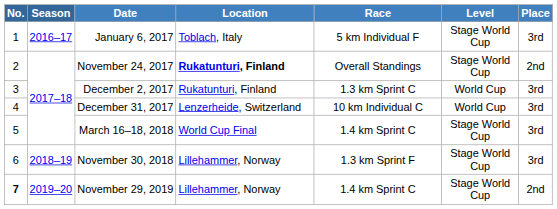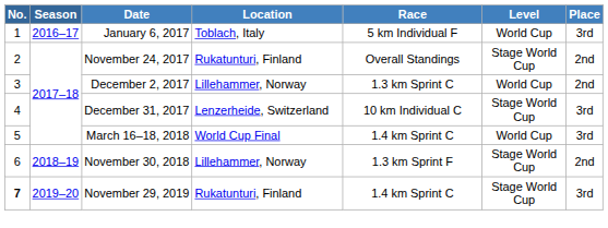 <table class="wikitable sortable" style="font-size:95%; text-align:center; border:gray solid 1px; background:#fff;">
 <tr style="background:#efefef;">
 <th style="background:#369; color:white;">No.</th>
 <th style="background:#369; color:white;">Season</th>
 <th style="background:#4180be; color:white; width:100px;">Date</th>
 <th style="background:#4180be; color:white; width:185px;">Location</th>
 <th style="background:#4180be; color:white; width:170px;">Race</th>
 <th style="background:#4180be; color:white; width:100px;">Level</th>
 <th style="background-color:#4180be; color:white;">Place</th>
 </tr>
 <tr>
 <td align=center>1</td>
 <td align=center><a href='#'>2016–17</a></td>
 <td style="text-align:right;">January 6, 2017</td>
 <td align=left> <a href='#'>Toblach</a>, Italy</td>
 <td>5 km Individual F</td>
-<td>Stage World Cup</td>
+<td>World Cup</td>
 <td>3rd</td>
 </tr>
 <tr>
 <td align=center>2</td>
 <td rowspan="4" style="text-align:center;"><a href='#'>2017–18</a></td>
 <td style="text-align:right;">November 24, 2017</td>
-<td align=left><strong> <a href='#'>Rukatunturi</a>, Finland</strong></td>
+<td align=left> <a href='#'>Rukatunturi</a>, Finland</td>
 <td>Overall Standings</td>
 <td>Stage World Cup</td>
 <td>2nd</td>
 </tr>
 <tr>
 <td align=center>3</td>
 <td style="text-align:right;">December 2, 2017</td>
-<td align=left> <a href='#'>Rukatunturi</a>, Finland</td>
+<td align=left> <a href='#'>Lillehammer</a>, Norway</td>
 <td>1.3 km Sprint C</td>
 <td>World Cup</td>
-<td>3rd</td>
+<td>2nd</td>
 </tr>
 <tr>
 <td align=center>4</td>
 <td style="text-align:right;">December 31, 2017</td>
 <td align=left> <a href='#'>Lenzerheide</a>, Switzerland</td>
 <td>10 km Individual C</td>
-<td>World Cup</td>
+<td>Stage World Cup</td>
 <td>3rd</td>
 </tr>
 <tr>
 <td align=center>5</td>
 <td align= right>March 16–18, 2018</td>
 <td align=left> <a href='#'>World Cup Final</a></td>
 <td>1.4 km Sprint C</td>
-<td>Stage World Cup</td>
+<td>World Cup</td>
 <td>3rd</td>
 </tr>
 <tr>
 <td align=center>6</td>
 <td align=center><a href='#'>2018–19</a></td>
 <td style="text-align:right;">November 30, 2018</td>
 <td align=left> <a href='#'>Lillehammer</a>, Norway</td>
 <td>1.3 km Sprint F</td>
 <td>Stage World Cup</td>
-<td>3rd</td>
+<td>2nd</td>
 </tr>
 <tr>
 <td align=center><strong>7</strong></td>
 <td align=center><a href='#'>2019–20</a></td>
 <td style="text-align:right; white-space: nowrap;">November 29, 2019</td>
-<td align=left> <a href='#'>Lillehammer</a>, Norway</td>
+<td align=left> <a href='#'>Rukatunturi</a>, Finland</td>
 <td>1.4 km Sprint C</td>
 <td>Stage World Cup</td>
-<td>2nd</td>
+<td>3rd</td>
 </tr>
 </table>
